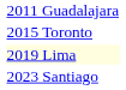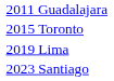 <table>
 <tr valign="top">
 <td><a href='#'>2011 Guadalajara</a><br></td>
 <td></td>
 <td></td>
 <td></td>
 </tr>
 <tr valign="top">
 <td><a href='#'>2015 Toronto</a><br></td>
 <td></td>
 <td></td>
 <td></td>
 </tr>
 <tr valign="top">
-<td style="background: lightyellow;"><a href='#'>2019 Lima</a><br></td>
+<td><a href='#'>2019 Lima</a><br></td>
 <td></td>
 <td></td>
 <td></td>
 </tr>
 <tr valign="top">
 <td><a href='#'>2023 Santiago</a><br></td>
 <td></td>
 <td></td>
 <td></td>
 </tr>
 </table>
